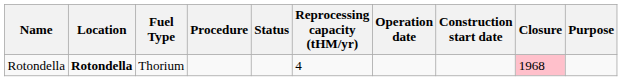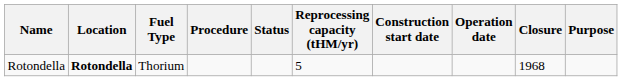 <table class="wikitable">
 <tr>
 <th>Name</th>
 <th>Location</th>
 <th>Fuel Type</th>
 <th>Procedure</th>
 <th>Status</th>
 <th>Reprocessing<br>capacity <br>(tHM/yr)</th>
+<th>Construction<br>start date</th>
 <th>Operation date</th>
-<th>Construction<br>start date</th>
 <th>Closure</th>
 <th>Purpose</th>
 </tr>
 <tr>
 <td>Rotondella</td>
 <td><strong>Rotondella</strong></td>
 <td>Thorium</td>
 <td></td>
 <td></td>
-<td>4</td>
+<td>5</td>
 <td></td>
 <td></td>
-<td style="background: pink;">1968</td>
+<td>1968</td>
 <td></td>
 </tr>
 </table>
